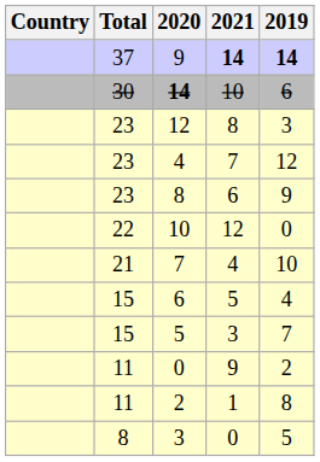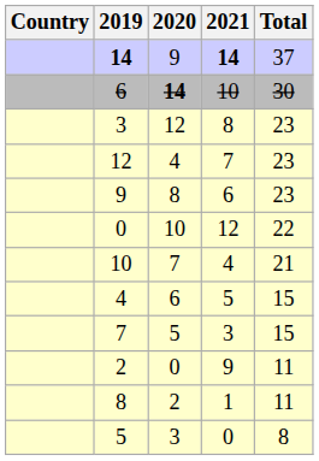 <table class="wikitable sortable" style="text-align:center;">
 <tr>
 <th>Country</th>
-<th>Total</th>
+<th> 2019</th>
 <th> 2020</th>
 <th> 2021</th>
-<th> 2019</th>
+<th>Total</th>
 </tr>
 <tr bgcolor=#ccccff>
 <td align=left></td>
-<td>37</td>
+<td><strong>14</strong></td>
 <td>9</td>
 <td><strong>14</strong></td>
-<td><strong>14</strong></td>
+<td>37</td>
 </tr>
 <tr bgcolor=#bbbbbb>
 <td align=left><s></s></td>
-<td><s>30</s></td>
+<td><s>6</s></td>
 <td><s><strong>14</strong></s></td>
 <td><s>10</s></td>
-<td><s>6</s></td>
+<td><s>30</s></td>
 </tr>
 <tr bgcolor=#ffffcc>
 <td align=left></td>
-<td>23</td>
+<td>3</td>
 <td>12</td>
 <td>8</td>
-<td>3</td>
+<td>23</td>
 </tr>
 <tr bgcolor=#ffffcc>
 <td align=left></td>
-<td>23</td>
+<td>12</td>
 <td>4</td>
 <td>7</td>
-<td>12</td>
+<td>23</td>
 </tr>
 <tr bgcolor=#ffffcc>
 <td align=left></td>
-<td>23</td>
+<td>9</td>
 <td>8</td>
 <td>6</td>
-<td>9</td>
+<td>23</td>
 </tr>
 <tr bgcolor=#ffffcc>
 <td align=left></td>
-<td>22</td>
+<td>0</td>
 <td>10</td>
 <td>12</td>
-<td>0</td>
+<td>22</td>
 </tr>
 <tr bgcolor=#ffffcc>
 <td align=left></td>
-<td>21</td>
+<td>10</td>
 <td>7</td>
 <td>4</td>
-<td>10</td>
+<td>21</td>
 </tr>
 <tr bgcolor=#ffffcc>
 <td align=left></td>
-<td>15</td>
+<td>4</td>
 <td>6</td>
 <td>5</td>
-<td>4</td>
+<td>15</td>
 </tr>
 <tr bgcolor=#ffffcc>
 <td align=left></td>
-<td>15</td>
+<td>7</td>
 <td>5</td>
 <td>3</td>
-<td>7</td>
+<td>15</td>
 </tr>
 <tr bgcolor=#ffffcc>
 <td align=left></td>
-<td>11</td>
+<td>2</td>
 <td>0</td>
 <td>9</td>
-<td>2</td>
-</tr>
-<tr bgcolor=#ffffcc>
-<td align=left></td>
 <td>11</td>
-<td>2</td>
-<td>1</td>
-<td>8</td>
 </tr>
 <tr bgcolor=#ffffcc>
 <td align=left></td>
 <td>8</td>
+<td>2</td>
+<td>1</td>
+<td>11</td>
+</tr>
+<tr bgcolor=#ffffcc>
+<td align=left></td>
+<td>5</td>
 <td>3</td>
 <td>0</td>
-<td>5</td>
+<td>8</td>
 </tr>
 </table>
